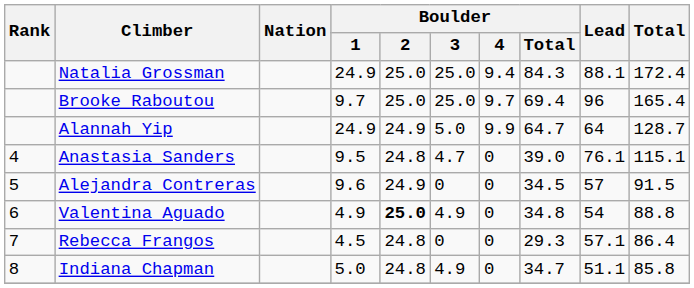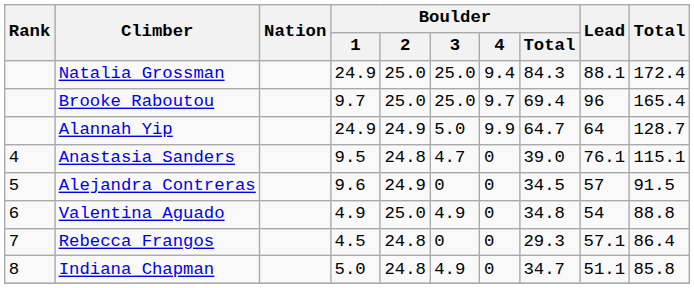 <table class="wikitable sortable" style="font-size:95%" style="width:35em;" style="text-align:center">
 <tr>
 <th rowspan="2">Rank</th>
 <th rowspan="2">Climber</th>
 <th rowspan="2">Nation</th>
 <th colspan="5">Boulder</th>
 <th rowspan="2">Lead</th>
 <th rowspan="2">Total</th>
 </tr>
 <tr>
 <th>1</th>
 <th>2</th>
 <th>3</th>
 <th>4</th>
 <th>Total</th>
 </tr>
 <tr>
 <td></td>
 <td align=left><a href='#'>Natalia Grossman</a></td>
 <td align=left></td>
 <td>24.9</td>
 <td>25.0</td>
 <td>25.0</td>
 <td>9.4</td>
 <td>84.3</td>
 <td>88.1</td>
 <td>172.4</td>
 </tr>
 <tr>
 <td></td>
 <td align=left><a href='#'>Brooke Raboutou</a></td>
 <td align=left></td>
 <td>9.7</td>
 <td>25.0</td>
 <td>25.0</td>
 <td>9.7</td>
 <td>69.4</td>
 <td>96</td>
 <td>165.4</td>
 </tr>
 <tr>
 <td></td>
 <td align=left><a href='#'>Alannah Yip</a></td>
 <td align=left></td>
 <td>24.9</td>
 <td>24.9</td>
 <td>5.0</td>
 <td>9.9</td>
 <td>64.7</td>
 <td>64</td>
 <td>128.7</td>
 </tr>
 <tr>
 <td>4</td>
 <td align=left><a href='#'>Anastasia Sanders</a></td>
 <td align=left></td>
 <td>9.5</td>
 <td>24.8</td>
 <td>4.7</td>
 <td>0</td>
 <td>39.0</td>
 <td>76.1</td>
 <td>115.1</td>
 </tr>
 <tr>
 <td>5</td>
 <td align=left><a href='#'>Alejandra Contreras</a></td>
 <td align=left></td>
 <td>9.6</td>
 <td>24.9</td>
 <td>0</td>
 <td>0</td>
 <td>34.5</td>
 <td>57</td>
 <td>91.5</td>
 </tr>
 <tr>
 <td>6</td>
 <td align=left><a href='#'>Valentina Aguado</a></td>
 <td align=left></td>
 <td>4.9</td>
-<td><strong>25.0</strong></td>
+<td>25.0</td>
 <td>4.9</td>
 <td>0</td>
 <td>34.8</td>
 <td>54</td>
 <td>88.8</td>
 </tr>
 <tr>
 <td>7</td>
 <td align=left><a href='#'>Rebecca Frangos</a></td>
 <td align=left></td>
 <td>4.5</td>
 <td>24.8</td>
 <td>0</td>
 <td>0</td>
 <td>29.3</td>
 <td>57.1</td>
 <td>86.4</td>
 </tr>
 <tr>
 <td>8</td>
 <td align=left><a href='#'>Indiana Chapman</a></td>
 <td align=left></td>
 <td>5.0</td>
 <td>24.8</td>
 <td>4.9</td>
 <td>0</td>
 <td>34.7</td>
 <td>51.1</td>
 <td>85.8</td>
 </tr>
 <tr>
 </tr>
 </table>
